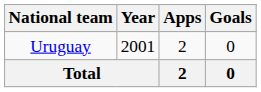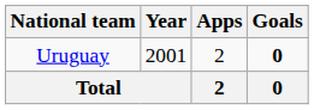 <table class="wikitable" style="text-align:center">
 <tr>
 <th>National team</th>
 <th>Year</th>
 <th>Apps</th>
 <th>Goals</th>
 </tr>
 <tr>
 <td><a href='#'>Uruguay</a></td>
 <td>2001</td>
 <td>2</td>
-<td>0</td>
+<td><strong>0</strong></td>
 </tr>
 <tr>
 <th colspan="2">Total</th>
 <th>2</th>
 <th>0</th>
 </tr>
 </table>
